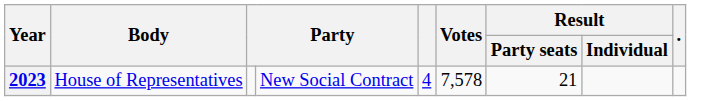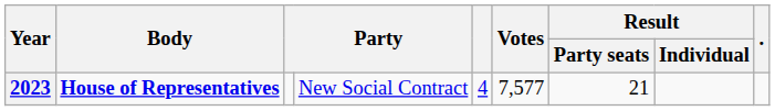 <table class="wikitable plainrowheaders sortable" border=2 cellpadding=4 cellspacing=0 style="border: 1px #aaa solid; font-size: 90%; text-align:center;">
 <tr>
 <th scope="col" rowspan=2>Year</th>
 <th scope="col" rowspan=2>Body</th>
 <th scope="col" colspan=2 rowspan=2>Party</th>
 <th scope="col" rowspan=2></th>
 <th scope="col" rowspan=2>Votes</th>
 <th scope="colgroup" colspan=2>Result</th>
 <th scope="col" rowspan=2 class="unsortable">.</th>
 </tr>
 <tr>
 <th scope="col">Party seats</th>
 <th scope="col">Individual</th>
 </tr>
 <tr>
 <th scope="row"><a href='#'>2023</a></th>
-<td><a href='#'>House of Representatives</a></td>
+<td><strong><a href='#'>House of Representatives</a></strong></td>
 <td style="background-color:"></td>
 <td><a href='#'>New Social Contract</a></td>
 <td style=text-align:right><a href='#'>4</a></td>
-<td style=text-align:right>7,578</td>
+<td style=text-align:right>7,577</td>
 <td style=text-align:right>21</td>
 <td></td>
 <td></td>
 </tr>
 </table>
